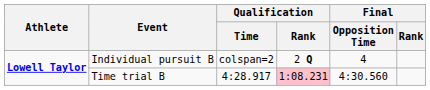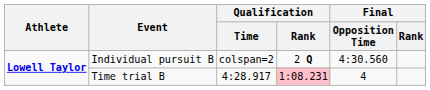 <table class=wikitable style="font-size:90%">
 <tr>
 <th rowspan="2">Athlete</th>
 <th rowspan="2">Event</th>
 <th colspan="2">Qualification</th>
 <th colspan="2">Final</th>
 </tr>
 <tr>
 <th>Time</th>
 <th>Rank</th>
 <th>Opposition<br>Time</th>
 <th>Rank</th>
 </tr>
 <tr align=center>
 <td align=left rowspan=2><strong><a href='#'>Lowell Taylor</a></strong></td>
 <td align=left>Individual pursuit B</td>
 <td>colspan=2 </td>
 <td>2 <strong>Q</strong></td>
-<td>4</td>
+<td>4:30.560</td>
 <td></td>
 </tr>
 <tr align=center>
 <td align=left>Time trial B</td>
 <td>4:28.917</td>
 <td style="background: pink;">1:08.231</td>
-<td>4:30.560</td>
+<td>4</td>
 </tr>
 </table>
